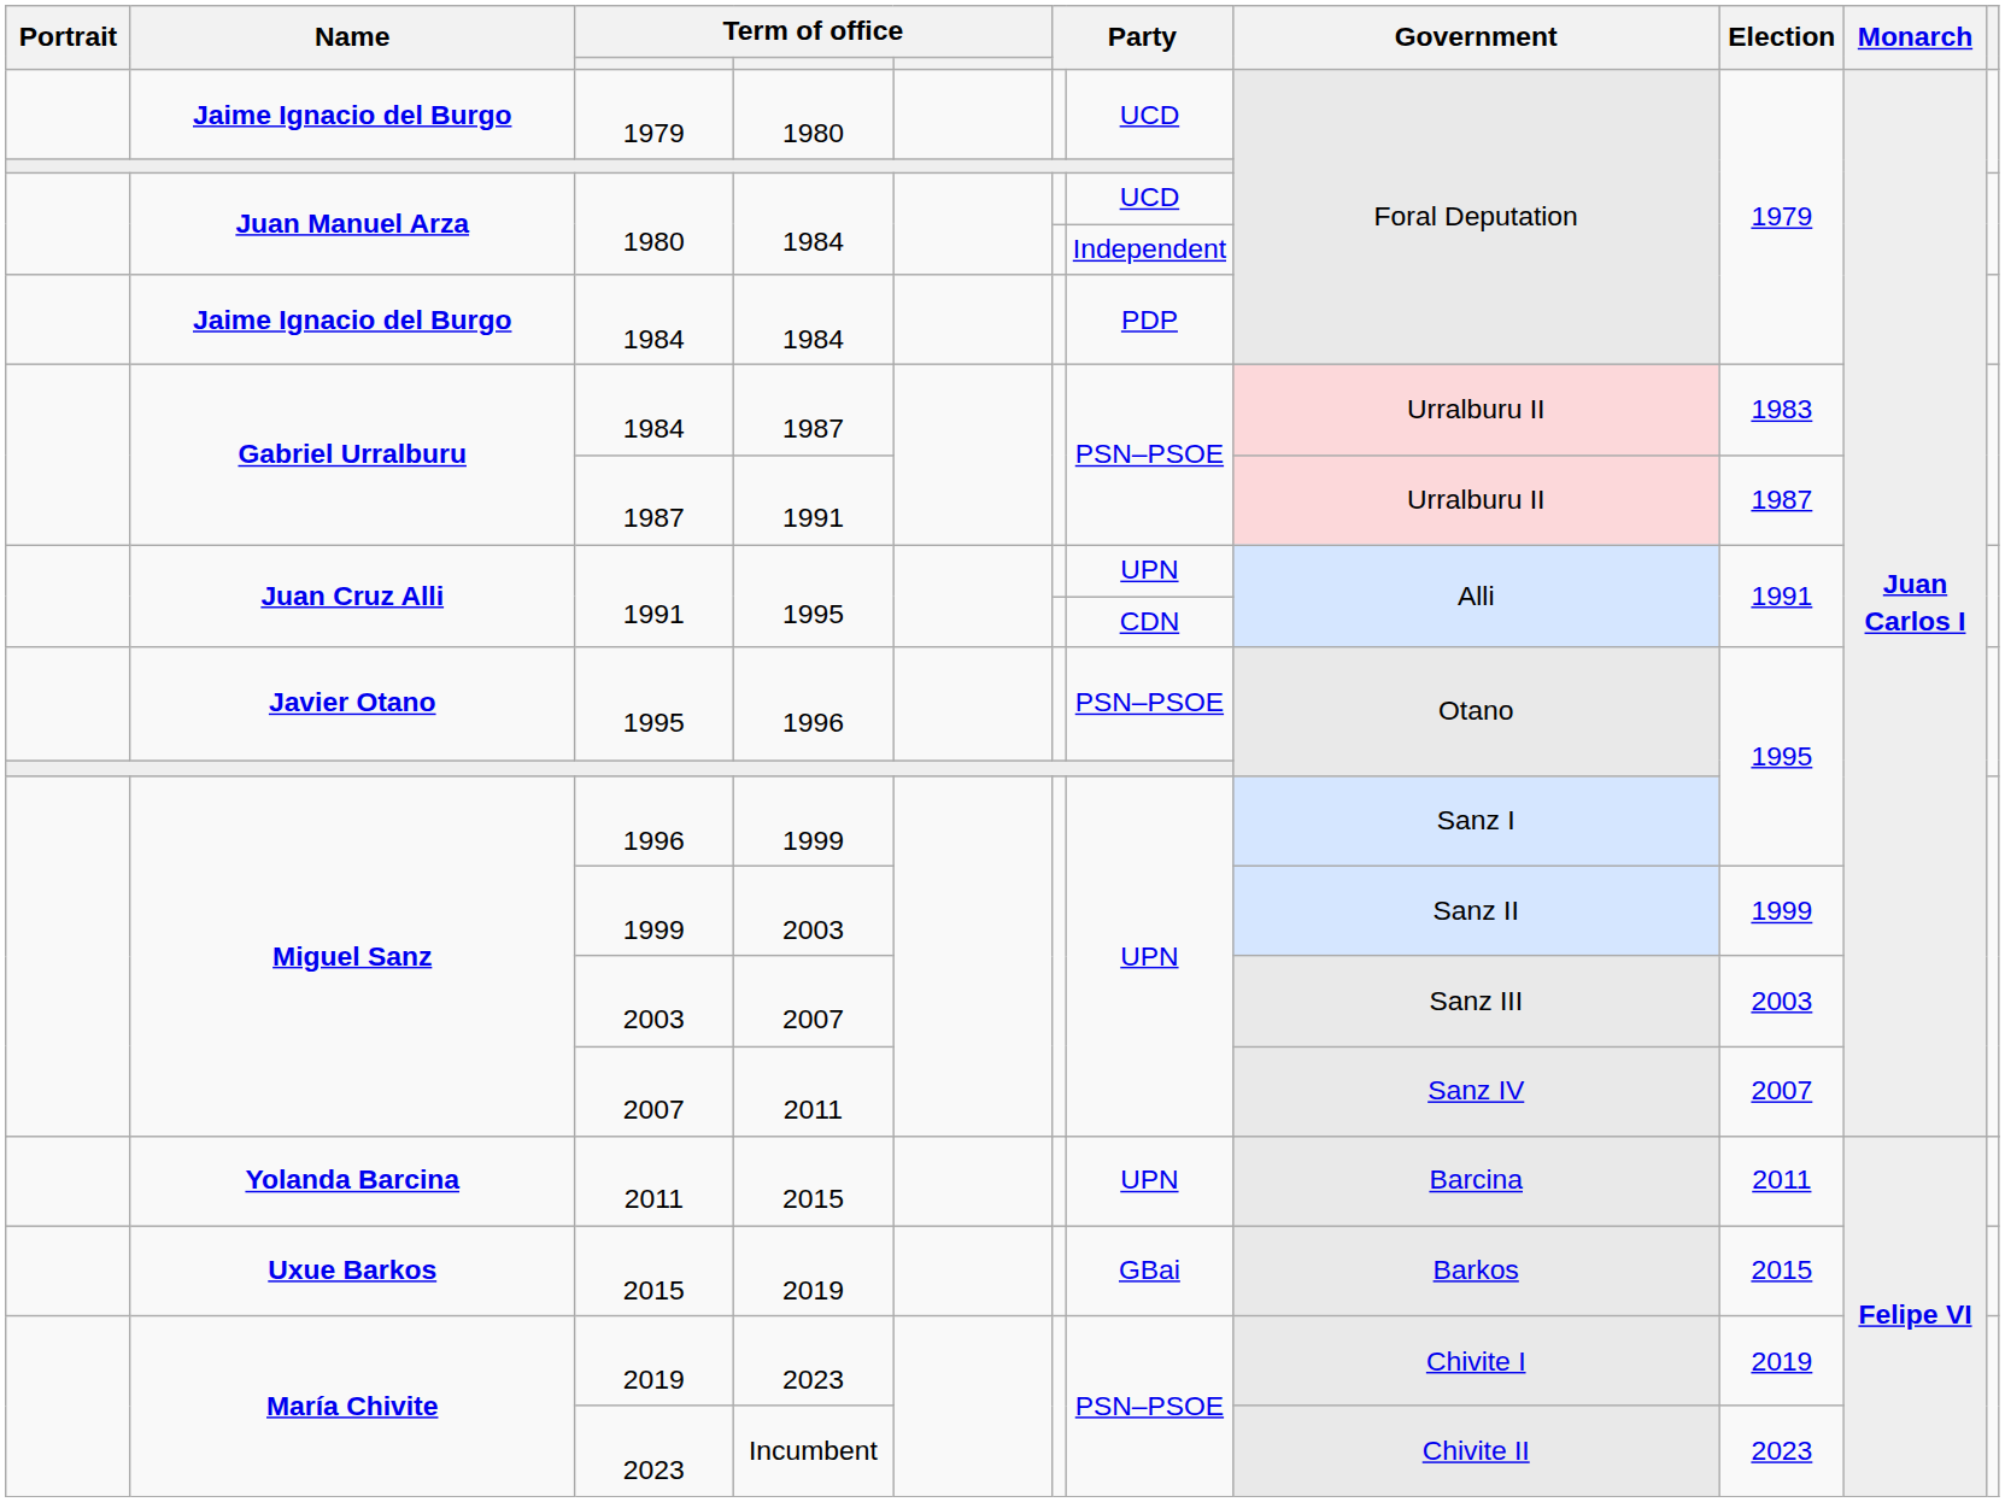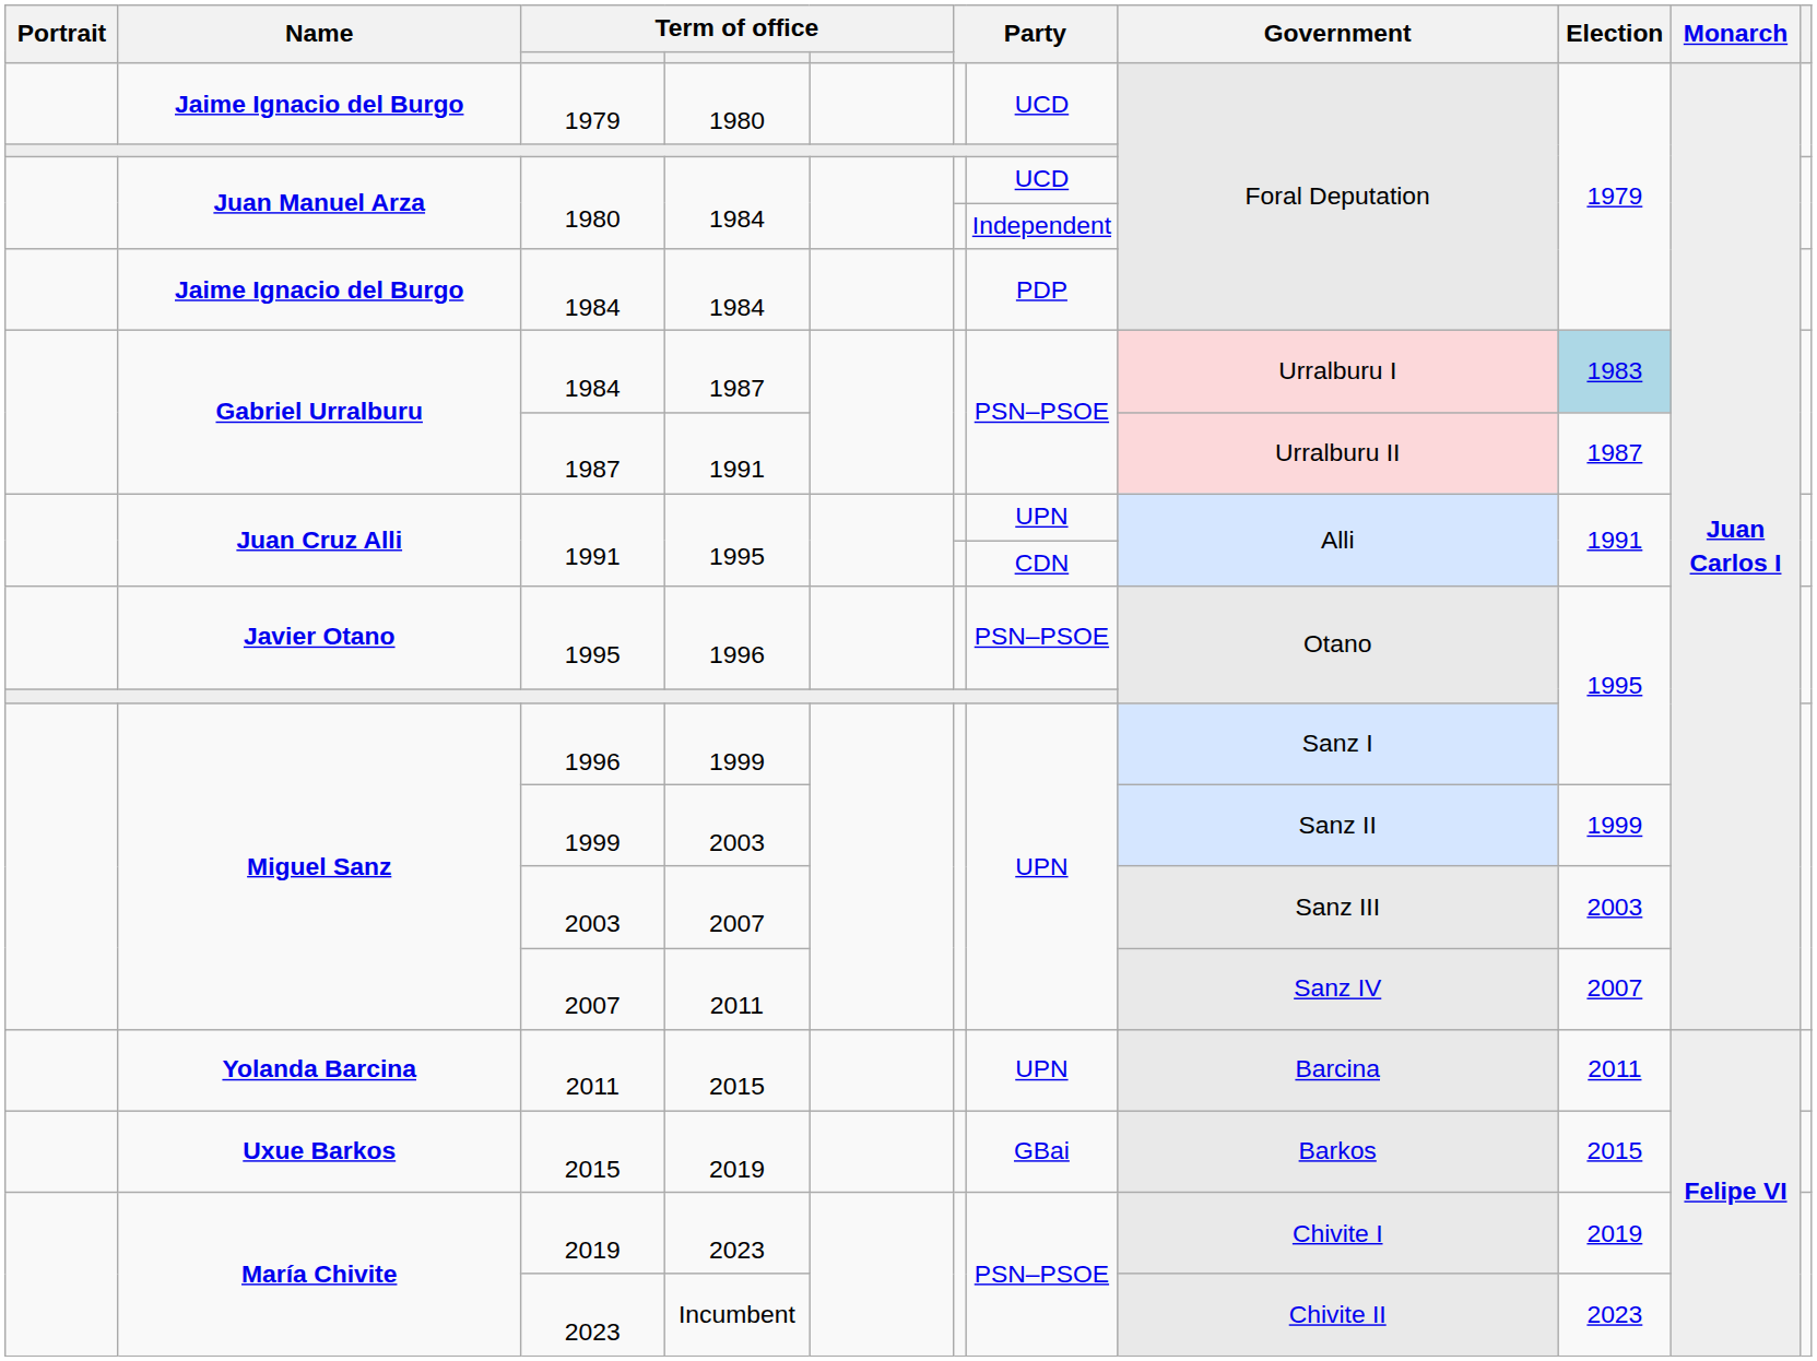 <table class="wikitable" style="line-height:1.4em; text-align:center; border:1px #aaf solid;">
 <tr>
 <th rowspan="2" width="65">Portrait</th>
 <th rowspan="2" width="250">Name<br></th>
 <th colspan="3">Term of office</th>
 <th rowspan="2" colspan="2" width="90">Party</th>
 <th rowspan="2" width="275">Government<br></th>
 <th rowspan="2" width="65">Election</th>
 <th rowspan="2" width="75"><a href='#'>Monarch</a><br></th>
 <th rowspan="2"></th>
 </tr>
 <tr>
 <th width="85"></th>
 <th width="85"></th>
 <th width="85"></th>
 </tr>
 <tr>
 <td width="65"></td>
 <td><strong><a href='#'>Jaime Ignacio del Burgo</a></strong><br></td>
 <td class="nowrap"><br>1979</td>
 <td class="nowrap"><br>1980</td>
 <td style="font-size:95%;"></td>
 <td width="1" style="color:inherit;background:"></td>
 <td><a href='#'>UCD</a></td>
 <td rowspan="5" style="background:#E9E9E9;">Foral Deputation<br></td>
 <td rowspan="5"><a href='#'>1979</a></td>
 <td scope="row" style="text-align:center;" rowspan="16" bgcolor="#EEEEEE"><br><strong><a href='#'>Juan Carlos I</a></strong><br><br></td>
 <td rowspan="2"></td>
 </tr>
 <tr>
 <td colspan="7" style="background:#EEEEEE;"></td>
 </tr>
 <tr>
 <td rowspan="2"></td>
 <td rowspan="2"><strong><a href='#'>Juan Manuel Arza</a></strong><br></td>
 <td rowspan="2" class="nowrap"><br>1980</td>
 <td rowspan="2" class="nowrap"><br>1984<br></td>
 <td rowspan="2" style="font-size:95%;"></td>
 <td style="color:inherit;background:"></td>
 <td><a href='#'>UCD</a></td>
 <td rowspan="2"></td>
 </tr>
 <tr>
 <td style="color:inherit;background:"></td>
 <td><a href='#'>Independent</a></td>
 </tr>
 <tr>
 <td></td>
 <td><strong><a href='#'>Jaime Ignacio del Burgo</a></strong><br></td>
 <td class="nowrap"><br>1984<br></td>
 <td class="nowrap"><br>1984</td>
 <td style="font-size:95%;"></td>
 <td style="color:inherit;background:"></td>
 <td><a href='#'>PDP</a></td>
 <td></td>
 </tr>
 <tr>
 <td rowspan="2"></td>
 <td rowspan="2"><strong><a href='#'>Gabriel Urralburu</a></strong><br></td>
 <td class="nowrap"><br>1984</td>
 <td class="nowrap"><br>1987</td>
 <td rowspan="2" style="font-size:95%;"></td>
 <td rowspan="2" style="color:inherit;background:"></td>
 <td rowspan="2"><a href='#'>PSN–PSOE</a></td>
-<td style="background:#FCD8DA;">Urralburu II<br></td>
-<td><a href='#'>1983</a></td>
+<td style="background:#FCD8DA;">Urralburu I<br></td>
+<td style="background: lightblue;"><a href='#'>1983</a></td>
 <td rowspan="2"><br><br></td>
 </tr>
 <tr>
 <td class="nowrap"><br>1987</td>
 <td class="nowrap"><br>1991</td>
 <td style="background:#FCD8DA;">Urralburu II<br></td>
 <td><a href='#'>1987</a></td>
 </tr>
 <tr>
 <td rowspan="2"></td>
 <td rowspan="2"><strong><a href='#'>Juan Cruz Alli</a></strong><br></td>
 <td rowspan="2" class="nowrap"><br>1991</td>
 <td rowspan="2" class="nowrap"><br>1995</td>
 <td rowspan="2" style="font-size:95%;"></td>
 <td style="color:inherit;background:"></td>
 <td><a href='#'>UPN</a></td>
 <td rowspan="2" style="background:#D5E6FF;">Alli<br></td>
 <td rowspan="2"><a href='#'>1991</a></td>
 <td rowspan="2"><br></td>
 </tr>
 <tr>
 <td style="color:inherit;background:"></td>
 <td><a href='#'>CDN</a></td>
 </tr>
 <tr>
 <td></td>
 <td><strong><a href='#'>Javier Otano</a></strong><br></td>
 <td class="nowrap"><br>1995</td>
 <td class="nowrap"><br>1996<br></td>
 <td style="font-size:95%;"></td>
 <td style="color:inherit;background:"></td>
 <td><a href='#'>PSN–PSOE</a></td>
 <td rowspan="2" style="background:#E9E9E9;">Otano<br></td>
 <td rowspan="3"><a href='#'>1995</a></td>
 <td rowspan="2"><br><br><br></td>
 </tr>
 <tr>
 <td colspan="7" style="background:#EEEEEE;"></td>
 </tr>
 <tr>
 <td rowspan="4"></td>
 <td rowspan="4"><strong><a href='#'>Miguel Sanz</a></strong><br></td>
 <td class="nowrap"><br>1996</td>
 <td class="nowrap"><br>1999</td>
 <td rowspan="4" style="font-size:95%;"></td>
 <td rowspan="4" style="color:inherit;background:"></td>
 <td rowspan="4"><a href='#'>UPN</a></td>
 <td style="background:#D5E6FF;">Sanz I<br></td>
 <td rowspan="4"><br><br><br><br></td>
 </tr>
 <tr>
 <td class="nowrap"><br>1999</td>
 <td class="nowrap"><br>2003</td>
 <td style="background:#D5E6FF;">Sanz II<br></td>
 <td><a href='#'>1999</a></td>
 </tr>
 <tr>
 <td class="nowrap"><br>2003</td>
 <td class="nowrap"><br>2007</td>
 <td style="background:#E9E9E9;">Sanz III<br></td>
 <td><a href='#'>2003</a></td>
 </tr>
 <tr>
 <td class="nowrap"><br>2007</td>
 <td class="nowrap"><br>2011</td>
 <td style="background:#E9E9E9;"><a href='#'>Sanz IV</a><br></td>
 <td><a href='#'>2007</a></td>
 </tr>
 <tr>
 <td rowspan="2"></td>
 <td rowspan="2"><strong><a href='#'>Yolanda Barcina</a></strong><br></td>
 <td rowspan="2" class="nowrap"><br>2011</td>
 <td rowspan="2" class="nowrap"><br>2015</td>
 <td rowspan="2" style="font-size:95%;"></td>
 <td rowspan="2" style="color:inherit;background:"></td>
 <td rowspan="2"><a href='#'>UPN</a></td>
 <td rowspan="2" style="background:#E9E9E9;"><a href='#'>Barcina</a><br></td>
 <td rowspan="2"><a href='#'>2011</a></td>
 <td rowspan="2"><br></td>
 </tr>
 <tr>
 <td scope="row" style="text-align:center;" rowspan="4" bgcolor="#EEEEEE"><br><strong><a href='#'>Felipe VI</a></strong><br><br></td>
 </tr>
 <tr>
 <td></td>
 <td><strong><a href='#'>Uxue Barkos</a></strong><br></td>
 <td class="nowrap"><br>2015</td>
 <td class="nowrap"><br>2019</td>
 <td style="font-size:95%;"></td>
 <td style="color:inherit;background:"></td>
 <td><a href='#'>GBai</a></td>
 <td style="background:#E9E9E9;"><a href='#'>Barkos</a><br></td>
 <td><a href='#'>2015</a></td>
 <td><br></td>
 </tr>
 <tr>
 <td rowspan="2"></td>
 <td rowspan="2"><strong><a href='#'>María Chivite</a></strong><br></td>
 <td class="nowrap"><br>2019</td>
 <td class="nowrap"><br>2023</td>
 <td rowspan="2" style="font-size:95%;"></td>
 <td rowspan="2" style="color:inherit;background:"></td>
 <td rowspan="2"><a href='#'>PSN–PSOE</a></td>
 <td style="background:#E9E9E9;"><a href='#'>Chivite I</a><br></td>
 <td><a href='#'>2019</a></td>
 <td rowspan="2"><br></td>
 </tr>
 <tr>
 <td class="nowrap"><br>2023</td>
 <td class="nowrap">Incumbent</td>
 <td style="background:#E9E9E9;"><a href='#'>Chivite II</a><br></td>
 <td><a href='#'>2023</a></td>
 </tr>
 </table>
